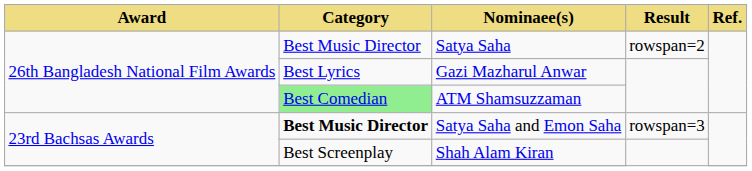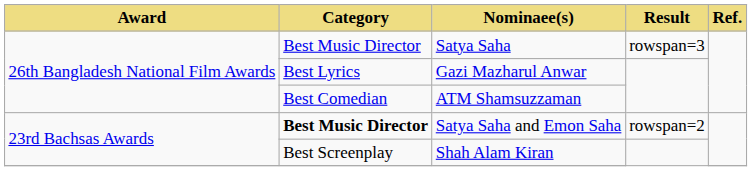 <table class="wikitable">
 <tr>
 <th style="background:#EEDD82;">Award</th>
 <th style="background:#EEDD82;">Category</th>
 <th style="background:#EEDD82;">Nominaee(s)</th>
 <th style="background:#EEDD82;">Result</th>
 <th style="background:#EEDD82;">Ref.</th>
 </tr>
 <tr>
 <td rowspan=3><a href='#'>26th Bangladesh National Film Awards</a></td>
 <td><a href='#'>Best Music Director</a></td>
 <td><a href='#'>Satya Saha</a></td>
-<td>rowspan=2 </td>
+<td>rowspan=3 </td>
 <td rowspan=3></td>
 </tr>
 <tr>
 <td><a href='#'>Best Lyrics</a></td>
 <td><a href='#'>Gazi Mazharul Anwar</a></td>
 </tr>
 <tr>
-<td style="background: lightgreen;"><a href='#'>Best Comedian</a></td>
+<td><a href='#'>Best Comedian</a></td>
 <td><a href='#'>ATM Shamsuzzaman</a></td>
 </tr>
 <tr>
 <td rowspan=2><a href='#'>23rd Bachsas Awards</a></td>
 <td><strong>Best Music Director</strong></td>
 <td><a href='#'>Satya Saha</a> and <a href='#'>Emon Saha</a></td>
-<td>rowspan=3 </td>
+<td>rowspan=2 </td>
 <td rowspan=2></td>
 </tr>
 <tr>
 <td>Best Screenplay</td>
 <td><a href='#'>Shah Alam Kiran</a></td>
 </tr>
 <tr>
 </tr>
 </table>
